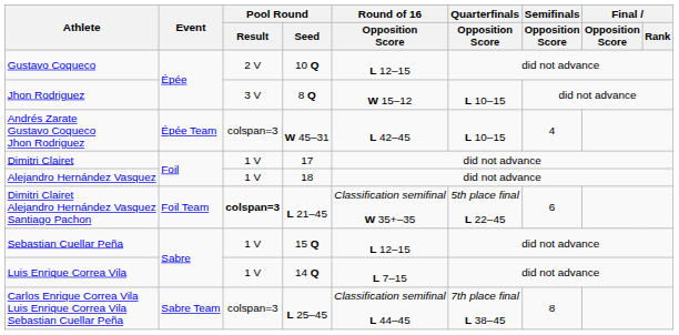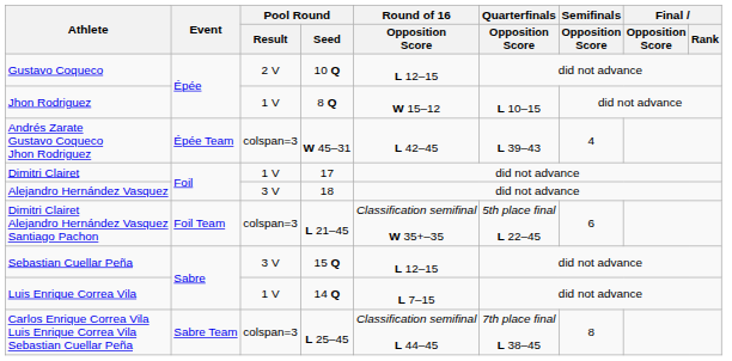 <table class=wikitable style="font-size:90%">
 <tr>
 <th rowspan="2">Athlete</th>
 <th rowspan="2">Event</th>
 <th colspan=2>Pool Round</th>
 <th>Round of 16</th>
 <th>Quarterfinals</th>
 <th>Semifinals</th>
 <th colspan=2>Final / </th>
 </tr>
 <tr style="font-size:95%">
 <th>Result</th>
 <th>Seed</th>
 <th>Opposition<br>Score</th>
 <th>Opposition<br>Score</th>
 <th>Opposition<br>Score</th>
 <th>Opposition<br>Score</th>
 <th>Rank</th>
 </tr>
 <tr align=center>
 <td align=left><a href='#'>Gustavo Coqueco</a></td>
 <td align=left rowspan=2><a href='#'>Épée</a></td>
 <td>2 V</td>
 <td>10 <strong>Q</strong></td>
 <td><br><strong>L</strong> 12–15</td>
 <td colspan=4>did not advance</td>
 </tr>
 <tr align=center>
 <td align=left><a href='#'>Jhon Rodriguez</a></td>
-<td>3 V</td>
+<td>1 V</td>
 <td>8 <strong>Q</strong></td>
 <td><br><strong>W</strong> 15–12</td>
 <td><br><strong>L</strong> 10–15</td>
 <td colspan=3>did not advance</td>
 </tr>
 <tr align=center>
 <td align=left><a href='#'>Andrés Zarate</a><br><a href='#'>Gustavo Coqueco</a><br><a href='#'>Jhon Rodriguez</a></td>
 <td align=left><a href='#'>Épée Team</a></td>
 <td>colspan=3 </td>
 <td><br><strong>W</strong> 45–31</td>
 <td><br><strong>L</strong> 42–45</td>
-<td><br><strong>L</strong> 10–15</td>
+<td><br><strong>L</strong> 39–43</td>
 <td>4</td>
 </tr>
 <tr align=center>
 <td align=left><a href='#'>Dimitri Clairet</a></td>
 <td align=left rowspan=2><a href='#'>Foil</a></td>
 <td>1 V</td>
 <td>17</td>
 <td colspan=5>did not advance</td>
 </tr>
 <tr align=center>
 <td align=left><a href='#'>Alejandro Hernández Vasquez</a></td>
-<td>1 V</td>
+<td>3 V</td>
 <td>18</td>
 <td colspan=5>did not advance</td>
 </tr>
 <tr align=center>
 <td align=left><a href='#'>Dimitri Clairet</a><br><a href='#'>Alejandro Hernández Vasquez</a><br><a href='#'>Santiago Pachon</a></td>
 <td align=left><a href='#'>Foil Team</a></td>
-<td><strong>colspan=3 </strong></td>
+<td>colspan=3 </td>
 <td><br><strong>L</strong> 21–45</td>
 <td><em>Classification semifinal</em><br><br><strong>W</strong> 35+–35</td>
 <td><em>5th place final</em><br><br><strong>L</strong> 22–45</td>
 <td>6</td>
 </tr>
 <tr align=center>
 <td align=left><a href='#'>Sebastian Cuellar Peña</a></td>
 <td align=left rowspan=2><a href='#'>Sabre</a></td>
-<td>1 V</td>
+<td>3 V</td>
 <td>15 <strong>Q</strong></td>
 <td><br><strong>L</strong> 12–15</td>
 <td colspan=4>did not advance</td>
 </tr>
 <tr align=center>
 <td align=left><a href='#'>Luis Enrique Correa Vila</a></td>
 <td>1 V</td>
 <td>14 <strong>Q</strong></td>
 <td><br><strong>L</strong> 7–15</td>
 <td colspan=4>did not advance</td>
 </tr>
 <tr align=center>
 <td align=left><a href='#'>Carlos Enrique Correa Vila</a><br><a href='#'>Luis Enrique Correa Vila</a><br><a href='#'>Sebastian Cuellar Peña</a></td>
 <td align=left><a href='#'>Sabre Team</a></td>
 <td>colspan=3 </td>
 <td><br><strong>L</strong> 25–45</td>
 <td><em>Classification semifinal</em><br><br><strong>L</strong> 44–45</td>
 <td><em>7th place final</em><br><br><strong>L</strong> 38–45</td>
 <td>8</td>
 </tr>
 </table>
